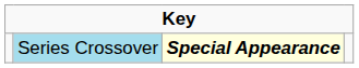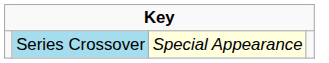 <table class="wikitable"  align="center" margin:auto; width:50%;">
 <tr>
 <td colspan="5" style="text-align:center;"><strong>Key</strong></td>
 </tr>
 <tr>
 <td></td>
 <td style="background:#A4DDED;">Series Crossover</td>
-<td style="background:#ffd; text-align:center;"><strong><em>Special Appearance</em></strong></td>
+<td style="background:#ffd; text-align:center;"><em>Special Appearance</em></td>
 <td></td>
 </tr>
 </table>
